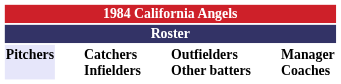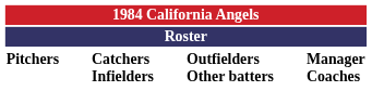 <table class="toccolours" style="font-size: 95%;">
 <tr>
 <th colspan="10" style="background-color: #CE2029; color: #FFFFFF; text-align: center;">1984 California Angels</th>
 </tr>
 <tr>
 <td colspan="10" style="background-color:#333366; color: white; text-align: center;"><strong>Roster</strong></td>
 </tr>
 <tr>
-<td valign="top" style="background: lavender;"><strong>Pitchers</strong><br>                 </td>
+<td valign="top"><strong>Pitchers</strong><br>                 </td>
 <td width="25px"></td>
 <td valign="top"><strong>Catchers</strong><br>  <strong>Infielders</strong>         </td>
 <td width="25px"></td>
 <td valign="top"><strong>Outfielders</strong><br>      <strong>Other batters</strong>  </td>
 <td width="25px"></td>
 <td valign="top"><strong>Manager</strong><br> <strong>Coaches</strong>     </td>
 </tr>
 </table>
